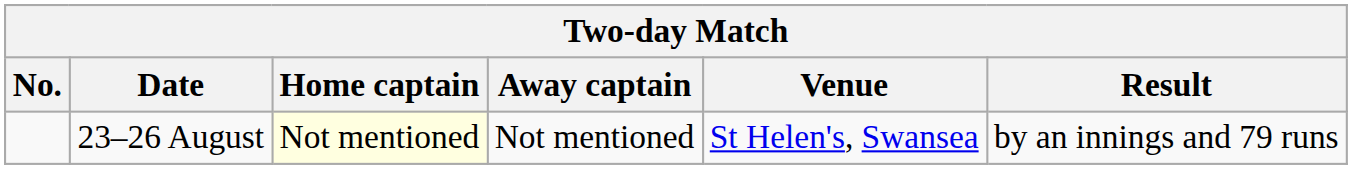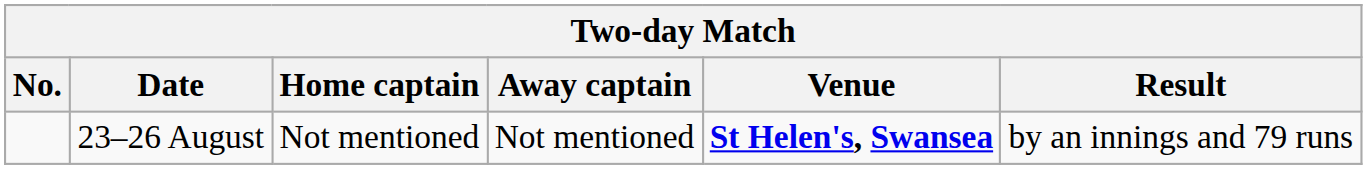 <table class="wikitable">
 <tr>
 <th colspan="9">Two-day Match</th>
 </tr>
 <tr>
 <th>No.</th>
 <th>Date</th>
 <th>Home captain</th>
 <th>Away captain</th>
 <th>Venue</th>
 <th>Result</th>
 </tr>
 <tr>
 <td></td>
 <td>23–26 August</td>
-<td style="background: lightyellow;">Not mentioned</td>
 <td>Not mentioned</td>
-<td><a href='#'>St Helen's</a>, <a href='#'>Swansea</a></td>
+<td>Not mentioned</td>
+<td><strong><a href='#'>St Helen's</a>, <a href='#'>Swansea</a></strong></td>
 <td> by an innings and 79 runs</td>
 </tr>
 </table>
